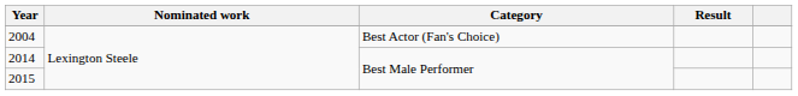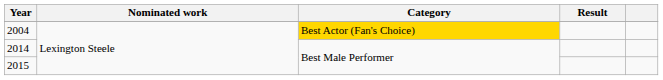 <table class="wikitable" style="width:75%;">
 <tr>
 <th width=5%>Year</th>
 <th style="width:40%;">Nominated work</th>
 <th style="width:40%;">Category</th>
 <th style="width:10%;">Result</th>
 <th width=5%></th>
 </tr>
 <tr>
 </tr>
 <tr>
 <td>2004</td>
 <td rowspan="3">Lexington Steele</td>
-<td>Best Actor (Fan's Choice)</td>
+<td style="background: gold;">Best Actor (Fan's Choice)</td>
 <td></td>
 <td style="text-align:center;"></td>
 </tr>
 <tr>
 <td>2014</td>
 <td rowspan="2">Best Male Performer</td>
 <td></td>
 <td style="text-align:center;"></td>
 </tr>
 <tr>
 <td>2015</td>
 <td></td>
 <td style="text-align:center;"></td>
 </tr>
 </table>
